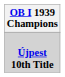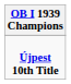 <table class="wikitable" style="text-align: center; margin: 0 auto;">
 <tr>
 <th><a href='#'>OB I</a> 1939<br>Champions</th>
 </tr>
 <tr>
 </tr>
 <tr>
-<td style="background: lightgrey;"> <br><strong><a href='#'>Újpest</a></strong><br><strong>10th Title</strong></td>
+<td> <br><strong><a href='#'>Újpest</a></strong><br><strong>10th Title</strong></td>
 </tr>
 </table>
